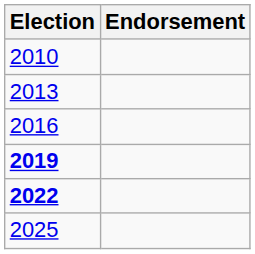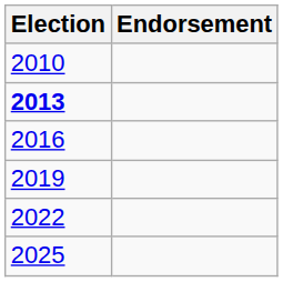 <table class="wikitable">
 <tr>
 <th>Election</th>
 <th colspan="2">Endorsement</th>
 </tr>
 <tr>
 <td><a href='#'>2010</a></td>
 <td></td>
 </tr>
 <tr>
-<td><a href='#'>2013</a></td>
+<td><strong><a href='#'>2013</a></strong></td>
 <td></td>
 </tr>
 <tr>
 <td><a href='#'>2016</a></td>
 <td></td>
 </tr>
 <tr>
-<td><strong><a href='#'>2019</a></strong></td>
+<td><a href='#'>2019</a></td>
 <td></td>
 </tr>
 <tr>
-<td><strong><a href='#'>2022</a></strong></td>
+<td><a href='#'>2022</a></td>
 <td></td>
 </tr>
 <tr>
 <td><a href='#'>2025</a></td>
 <td></td>
 </tr>
 </table>
